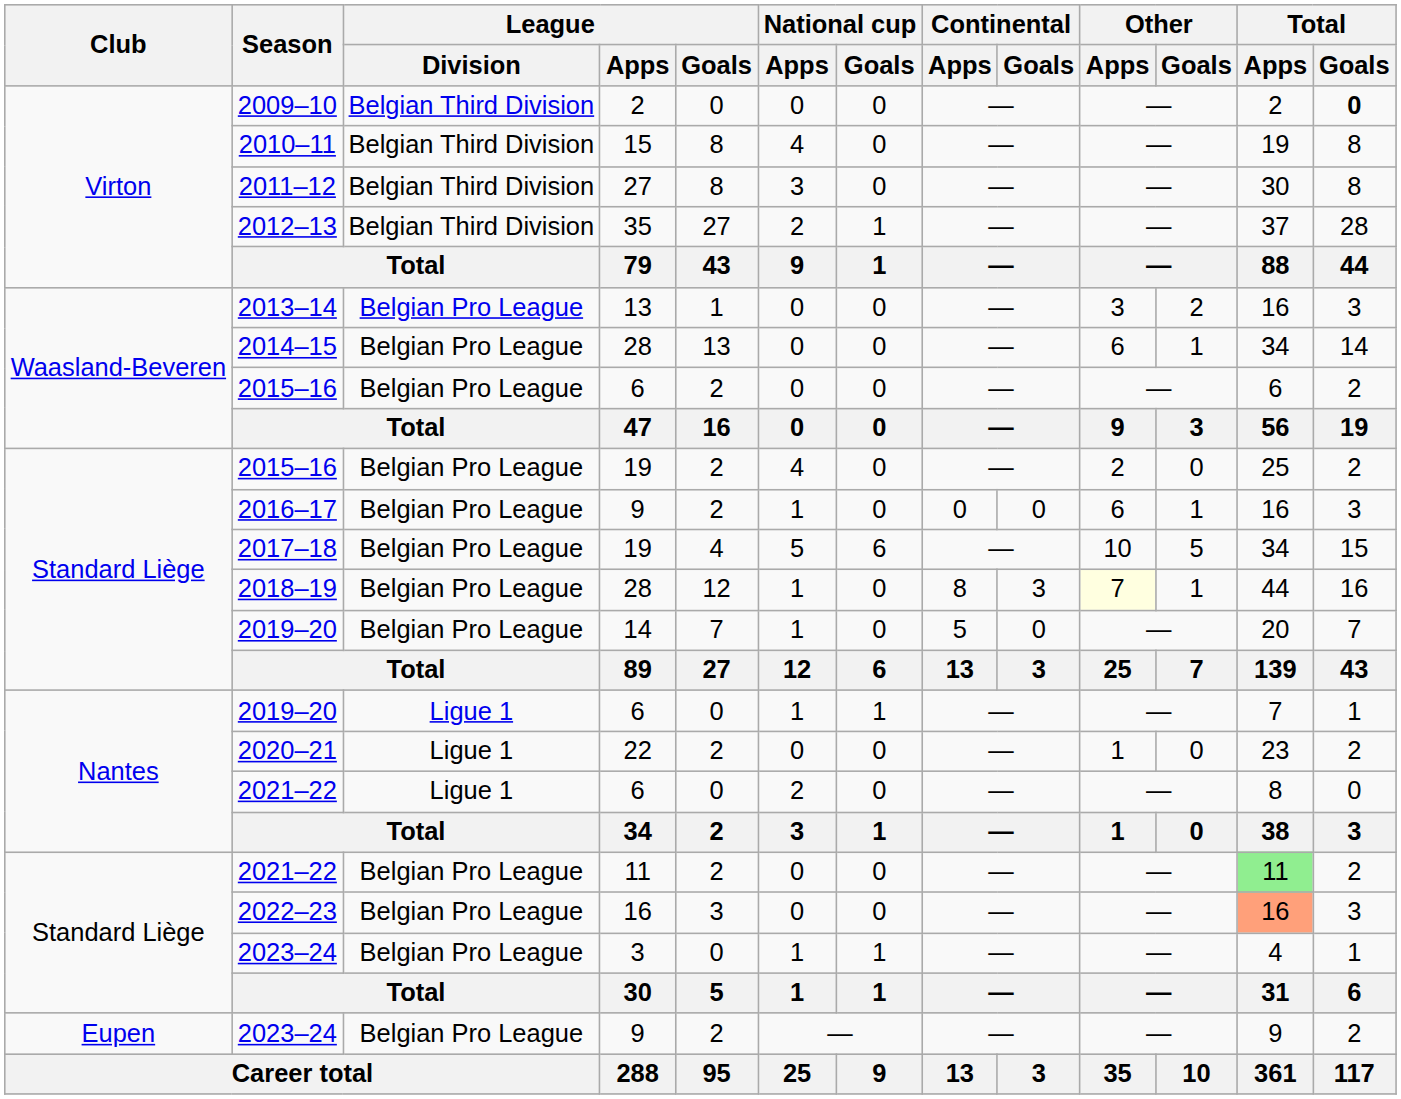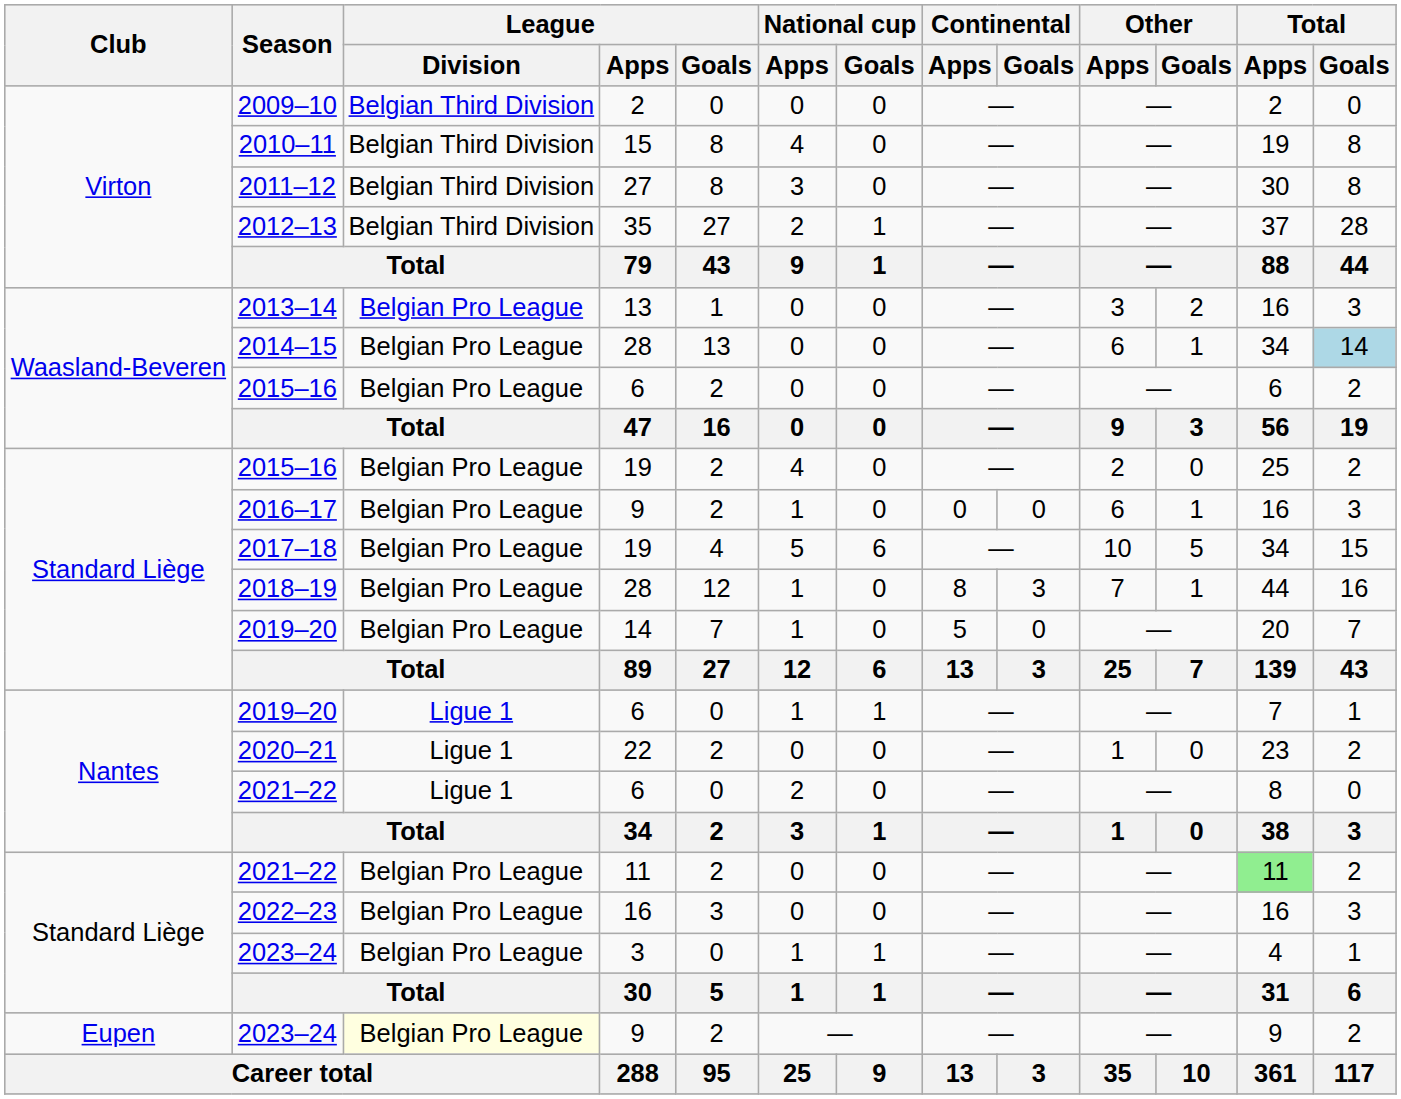 <table class="wikitable" style="text-align: center">
 <tr>
 <th rowspan="2">Club</th>
 <th rowspan="2">Season</th>
 <th colspan="3">League</th>
 <th colspan="2">National cup</th>
 <th colspan="2">Continental</th>
 <th colspan="2">Other</th>
 <th colspan="2">Total</th>
 </tr>
 <tr>
 <th>Division</th>
 <th>Apps</th>
 <th>Goals</th>
 <th>Apps</th>
 <th>Goals</th>
 <th>Apps</th>
 <th>Goals</th>
 <th>Apps</th>
 <th>Goals</th>
 <th>Apps</th>
 <th>Goals</th>
 </tr>
 <tr>
 <td rowspan="5"><a href='#'>Virton</a></td>
 <td><a href='#'>2009–10</a></td>
 <td><a href='#'>Belgian Third Division</a></td>
 <td>2</td>
 <td>0</td>
 <td>0</td>
 <td>0</td>
 <td colspan="2">—</td>
 <td colspan="2">—</td>
 <td>2</td>
-<td><strong>0</strong></td>
+<td>0</td>
 </tr>
 <tr>
 <td><a href='#'>2010–11</a></td>
 <td>Belgian Third Division</td>
 <td>15</td>
 <td>8</td>
 <td>4</td>
 <td>0</td>
 <td colspan="2">—</td>
 <td colspan="2">—</td>
 <td>19</td>
 <td>8</td>
 </tr>
 <tr>
 <td><a href='#'>2011–12</a></td>
 <td>Belgian Third Division</td>
 <td>27</td>
 <td>8</td>
 <td>3</td>
 <td>0</td>
 <td colspan="2">—</td>
 <td colspan="2">—</td>
 <td>30</td>
 <td>8</td>
 </tr>
 <tr>
 <td><a href='#'>2012–13</a></td>
 <td>Belgian Third Division</td>
 <td>35</td>
 <td>27</td>
 <td>2</td>
 <td>1</td>
 <td colspan="2">—</td>
 <td colspan="2">—</td>
 <td>37</td>
 <td>28</td>
 </tr>
 <tr>
 <th colspan="2">Total</th>
 <th>79</th>
 <th>43</th>
 <th>9</th>
 <th>1</th>
 <th colspan="2">—</th>
 <th colspan="2">—</th>
 <th>88</th>
 <th>44</th>
 </tr>
 <tr>
 <td rowspan="4"><a href='#'>Waasland-Beveren</a></td>
 <td><a href='#'>2013–14</a></td>
 <td><a href='#'>Belgian Pro League</a></td>
 <td>13</td>
 <td>1</td>
 <td>0</td>
 <td>0</td>
 <td colspan="2">—</td>
 <td>3</td>
 <td>2</td>
 <td>16</td>
 <td>3</td>
 </tr>
 <tr>
 <td><a href='#'>2014–15</a></td>
 <td>Belgian Pro League</td>
 <td>28</td>
 <td>13</td>
 <td>0</td>
 <td>0</td>
 <td colspan="2">—</td>
 <td>6</td>
 <td>1</td>
 <td>34</td>
-<td>14</td>
+<td style="background: lightblue;">14</td>
 </tr>
 <tr>
 <td><a href='#'>2015–16</a></td>
 <td>Belgian Pro League</td>
 <td>6</td>
 <td>2</td>
 <td>0</td>
 <td>0</td>
 <td colspan="2">—</td>
 <td colspan="2">—</td>
 <td>6</td>
 <td>2</td>
 </tr>
 <tr>
 <th colspan="2">Total</th>
 <th>47</th>
 <th>16</th>
 <th>0</th>
 <th>0</th>
 <th colspan="2">—</th>
 <th>9</th>
 <th>3</th>
 <th>56</th>
 <th>19</th>
 </tr>
 <tr>
 <td rowspan="6"><a href='#'>Standard Liège</a></td>
 <td><a href='#'>2015–16</a></td>
 <td>Belgian Pro League</td>
 <td>19</td>
 <td>2</td>
 <td>4</td>
 <td>0</td>
 <td colspan="2">—</td>
 <td>2</td>
 <td>0</td>
 <td>25</td>
 <td>2</td>
 </tr>
 <tr>
 <td><a href='#'>2016–17</a></td>
 <td>Belgian Pro League</td>
 <td>9</td>
 <td>2</td>
 <td>1</td>
 <td>0</td>
 <td>0</td>
 <td>0</td>
 <td>6</td>
 <td>1</td>
 <td>16</td>
 <td>3</td>
 </tr>
 <tr>
 <td><a href='#'>2017–18</a></td>
 <td>Belgian Pro League</td>
 <td>19</td>
 <td>4</td>
 <td>5</td>
 <td>6</td>
 <td colspan="2">—</td>
 <td>10</td>
 <td>5</td>
 <td>34</td>
 <td>15</td>
 </tr>
 <tr>
 <td><a href='#'>2018–19</a></td>
 <td>Belgian Pro League</td>
 <td>28</td>
 <td>12</td>
 <td>1</td>
 <td>0</td>
 <td>8</td>
 <td>3</td>
-<td style="background: lightyellow;">7</td>
+<td>7</td>
 <td>1</td>
 <td>44</td>
 <td>16</td>
 </tr>
 <tr>
 <td><a href='#'>2019–20</a></td>
 <td>Belgian Pro League</td>
 <td>14</td>
 <td>7</td>
 <td>1</td>
 <td>0</td>
 <td>5</td>
 <td>0</td>
 <td colspan="2">—</td>
 <td>20</td>
 <td>7</td>
 </tr>
 <tr>
 <th colspan="2">Total</th>
 <th>89</th>
 <th>27</th>
 <th>12</th>
 <th>6</th>
 <th>13</th>
 <th>3</th>
 <th>25</th>
 <th>7</th>
 <th>139</th>
 <th>43</th>
 </tr>
 <tr>
 <td rowspan="4"><a href='#'>Nantes</a></td>
 <td><a href='#'>2019–20</a></td>
 <td><a href='#'>Ligue 1</a></td>
 <td>6</td>
 <td>0</td>
 <td>1</td>
 <td>1</td>
 <td colspan="2">—</td>
 <td colspan="2">—</td>
 <td>7</td>
 <td>1</td>
 </tr>
 <tr>
 <td><a href='#'>2020–21</a></td>
 <td>Ligue 1</td>
 <td>22</td>
 <td>2</td>
 <td>0</td>
 <td>0</td>
 <td colspan="2">—</td>
 <td>1</td>
 <td>0</td>
 <td>23</td>
 <td>2</td>
 </tr>
 <tr>
 <td><a href='#'>2021–22</a></td>
 <td>Ligue 1</td>
 <td>6</td>
 <td>0</td>
 <td>2</td>
 <td>0</td>
 <td colspan="2">—</td>
 <td colspan="2">—</td>
 <td>8</td>
 <td>0</td>
 </tr>
 <tr>
 <th colspan="2">Total</th>
 <th>34</th>
 <th>2</th>
 <th>3</th>
 <th>1</th>
 <th colspan="2">—</th>
 <th>1</th>
 <th>0</th>
 <th>38</th>
 <th>3</th>
 </tr>
 <tr>
 <td rowspan="4">Standard Liège</td>
 <td><a href='#'>2021–22</a></td>
 <td>Belgian Pro League</td>
 <td>11</td>
 <td>2</td>
 <td>0</td>
 <td>0</td>
 <td colspan="2">—</td>
 <td colspan="2">—</td>
 <td style="background: lightgreen;">11</td>
 <td>2</td>
 </tr>
 <tr>
 <td><a href='#'>2022–23</a></td>
 <td>Belgian Pro League</td>
 <td>16</td>
 <td>3</td>
 <td>0</td>
 <td>0</td>
 <td colspan="2">—</td>
 <td colspan="2">—</td>
-<td style="background: lightsalmon;">16</td>
+<td>16</td>
 <td>3</td>
 </tr>
 <tr>
 <td><a href='#'>2023–24</a></td>
 <td>Belgian Pro League</td>
 <td>3</td>
 <td>0</td>
 <td>1</td>
 <td>1</td>
 <td colspan="2">—</td>
 <td colspan="2">—</td>
 <td>4</td>
 <td>1</td>
 </tr>
 <tr>
 <th colspan="2">Total</th>
 <th>30</th>
 <th>5</th>
 <th>1</th>
 <th>1</th>
 <th colspan="2">—</th>
 <th colspan="2">—</th>
 <th>31</th>
 <th>6</th>
 </tr>
 <tr>
 <td><a href='#'>Eupen</a></td>
 <td><a href='#'>2023–24</a></td>
-<td>Belgian Pro League</td>
+<td style="background: lightyellow;">Belgian Pro League</td>
 <td>9</td>
 <td>2</td>
 <td colspan="2">—</td>
 <td colspan="2">—</td>
 <td colspan="2">—</td>
 <td>9</td>
 <td>2</td>
 </tr>
 <tr>
 <th colspan="3">Career total</th>
 <th>288</th>
 <th>95</th>
 <th>25</th>
 <th>9</th>
 <th>13</th>
 <th>3</th>
 <th>35</th>
 <th>10</th>
 <th>361</th>
 <th>117</th>
 </tr>
 </table>
